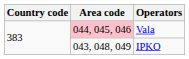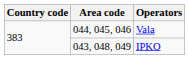 <table class="wikitable">
 <tr>
 <th>Country code</th>
 <th>Area code</th>
 <th>Operators</th>
 </tr>
 <tr>
 <td rowspan="2">383</td>
-<td style="background: pink;">044, 045, 046</td>
+<td>044, 045, 046</td>
 <td><a href='#'>Vala</a></td>
 </tr>
 <tr>
 <td>043, 048, 049</td>
 <td><a href='#'>IPKO</a></td>
 </tr>
 </table>
